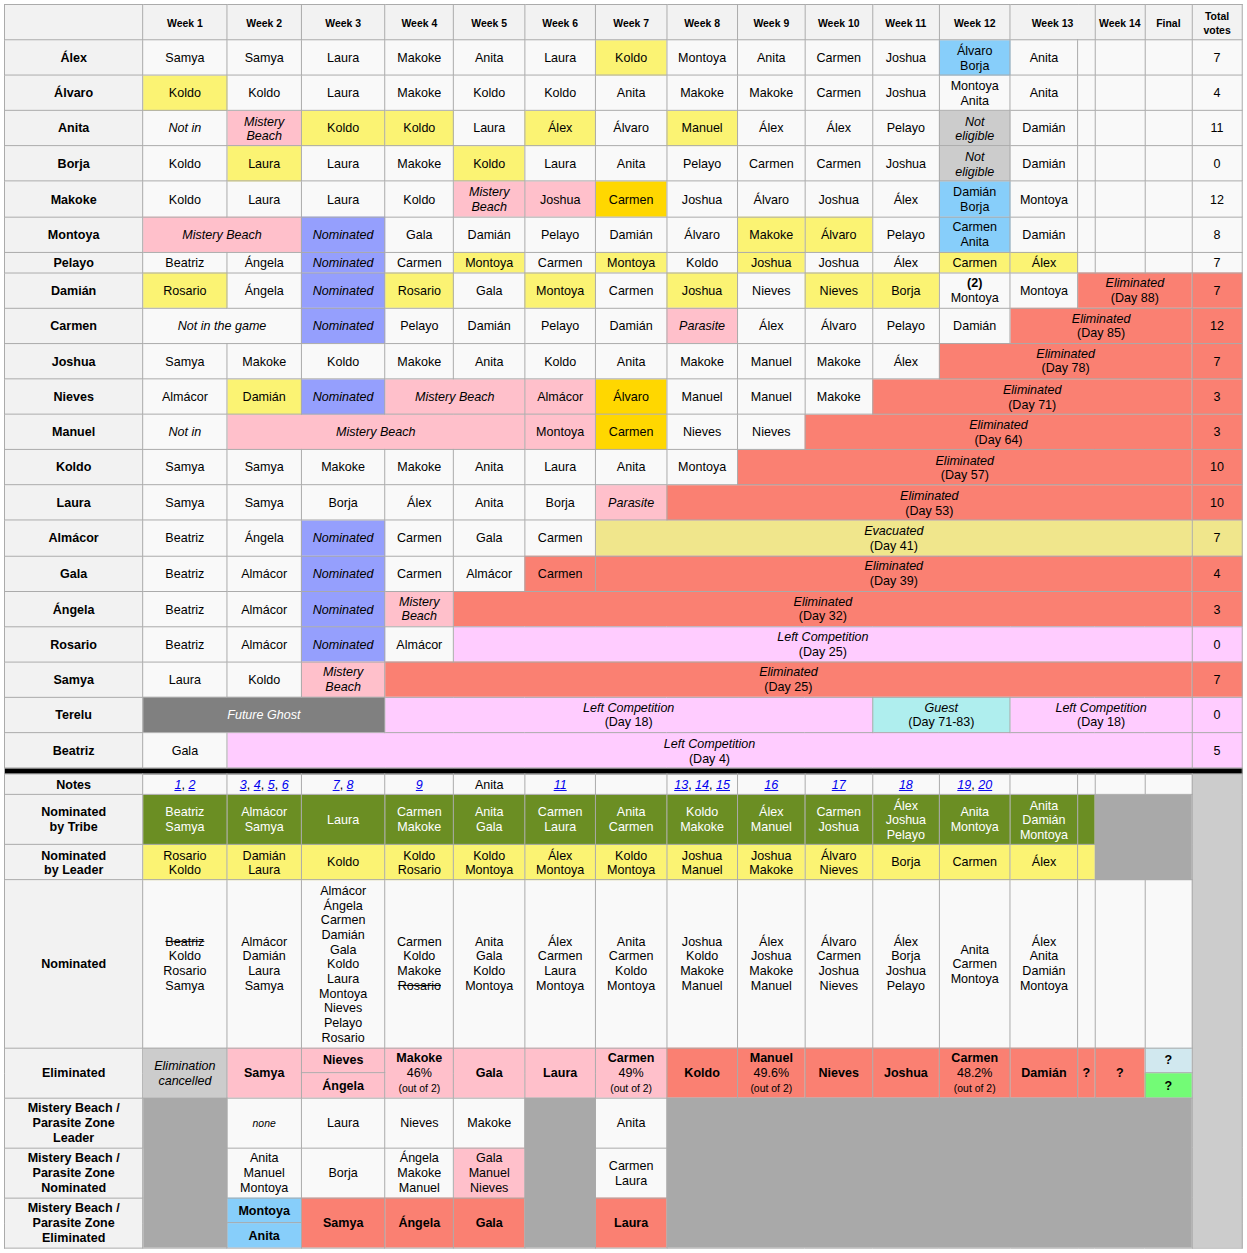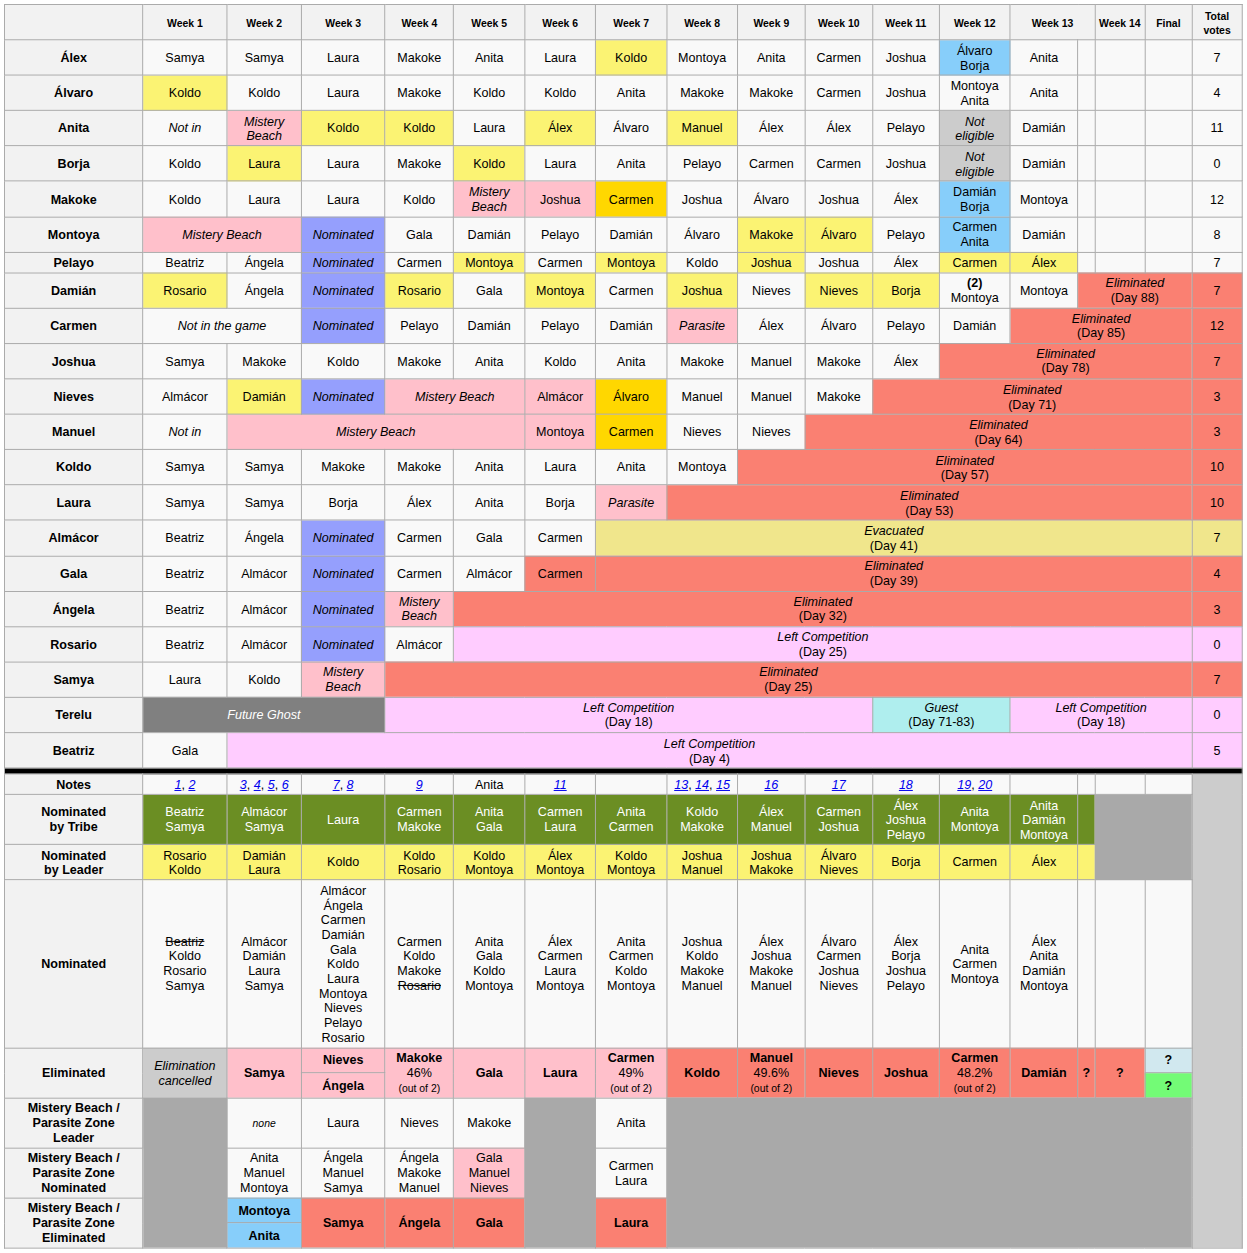 <table class="wikitable" style="font-size:80%; text-align:center; width:100%">
 <tr>
 <th style="width:4%"></th>
 <th style="width:1%"><small>Week 1</small></th>
 <th style="width:1%"><small>Week 2</small></th>
 <th style="width:1%"><small>Week 3</small></th>
 <th style="width:1%"><small>Week 4</small></th>
 <th style="width:1%"><small>Week 5</small></th>
 <th style="width:1%"><small>Week 6</small></th>
 <th style="width:1%"><small>Week 7</small></th>
 <th style="width:1%"><small>Week 8</small></th>
 <th style="width:1%"><small>Week 9</small></th>
 <th style="width:1%"><small>Week 10</small></th>
 <th style="width:1%"><small>Week 11</small></th>
 <th style="width:1%"><small>Week 12</small></th>
 <th colspan=2 style="width:1%"><small>Week 13</small></th>
 <th style="width:1%"><small>Week 14</small></th>
 <th style="width:1%"><small>Final</small></th>
 <th style="width:1%"><small>Total votes</small></th>
 </tr>
 <tr>
 <th>Álex</th>
 <td>Samya</td>
 <td>Samya</td>
 <td>Laura</td>
 <td>Makoke</td>
 <td>Anita</td>
 <td>Laura</td>
 <td style="background:#FBF373">Koldo</td>
 <td>Montoya</td>
 <td>Anita</td>
 <td>Carmen</td>
 <td>Joshua</td>
 <td style="background:#87CEFA;">Álvaro<br>Borja</td>
 <td>Anita</td>
 <td></td>
 <td></td>
 <td></td>
 <td>7</td>
 </tr>
 <tr>
 <th>Álvaro</th>
 <td style="background:#FBF373">Koldo</td>
 <td>Koldo</td>
 <td>Laura</td>
 <td>Makoke</td>
 <td>Koldo</td>
 <td>Koldo</td>
 <td>Anita</td>
 <td>Makoke</td>
 <td>Makoke</td>
 <td>Carmen</td>
 <td>Joshua</td>
 <td>Montoya<br>Anita</td>
 <td>Anita</td>
 <td></td>
 <td></td>
 <td></td>
 <td>4</td>
 </tr>
 <tr>
 <th>Anita</th>
 <td><em>Not in </em></td>
 <td style="background:pink"><em>Mistery Beach</em></td>
 <td style="background:#FBF373">Koldo</td>
 <td style="background:#FBF373">Koldo</td>
 <td>Laura</td>
 <td style="background:#FBF373">Álex</td>
 <td>Álvaro</td>
 <td style="background:#FBF373">Manuel</td>
 <td>Álex</td>
 <td>Álex</td>
 <td>Pelayo</td>
 <td style="background:#CCCCCC; text-align:center"><em>Not<br>eligible</em></td>
 <td>Damián</td>
 <td></td>
 <td></td>
 <td></td>
 <td>11</td>
 </tr>
 <tr>
 <th>Borja</th>
 <td>Koldo</td>
 <td style="background:#FBF373">Laura</td>
 <td>Laura</td>
 <td>Makoke</td>
 <td style="background:#FBF373">Koldo</td>
 <td>Laura</td>
 <td>Anita</td>
 <td>Pelayo</td>
 <td>Carmen</td>
 <td>Carmen</td>
 <td>Joshua</td>
 <td style="background:#CCCCCC; text-align:center"><em>Not<br>eligible</em></td>
 <td>Damián</td>
 <td></td>
 <td></td>
 <td></td>
 <td>0</td>
 </tr>
 <tr>
 <th>Makoke</th>
 <td>Koldo</td>
 <td>Laura</td>
 <td>Laura</td>
 <td>Koldo</td>
 <td style="background:pink"><em>Mistery Beach</em></td>
 <td style="background:pink">Joshua</td>
 <td style="background:#FFD700">Carmen</td>
 <td>Joshua</td>
 <td>Álvaro</td>
 <td>Joshua</td>
 <td>Álex</td>
 <td style="background:#87CEFA;">Damián<br>Borja</td>
 <td>Montoya</td>
 <td></td>
 <td></td>
 <td></td>
 <td>12</td>
 </tr>
 <tr>
 <th>Montoya</th>
 <td colspan=2 style="background:pink"><em>Mistery Beach</em></td>
 <td style="background:#959FFD; text-align:center"><em>Nominated</em></td>
 <td>Gala</td>
 <td>Damián</td>
 <td>Pelayo</td>
 <td>Damián</td>
 <td>Álvaro</td>
 <td style="background:#FBF373">Makoke</td>
 <td style="background:#FBF373">Álvaro</td>
 <td>Pelayo</td>
 <td style="background:#87CEFA;">Carmen<br>Anita</td>
 <td>Damián</td>
 <td></td>
 <td></td>
 <td></td>
 <td>8</td>
 </tr>
 <tr>
 <th>Pelayo</th>
 <td>Beatriz</td>
 <td>Ángela</td>
 <td style="background:#959FFD; text-align:center"><em>Nominated</em></td>
 <td>Carmen</td>
 <td style="background:#FBF373">Montoya</td>
 <td>Carmen</td>
 <td style="background:#FBF373">Montoya</td>
 <td>Koldo</td>
 <td style="background:#FBF373">Joshua</td>
 <td>Joshua</td>
 <td>Álex</td>
 <td style="background:#FBF373">Carmen</td>
 <td style="background:#FBF373">Álex</td>
 <td></td>
 <td></td>
 <td></td>
 <td>7</td>
 </tr>
 <tr>
 <th>Damián</th>
 <td style="background:#FBF373">Rosario</td>
 <td>Ángela</td>
 <td style="background:#959FFD; text-align:center"><em>Nominated</em></td>
 <td style="background:#FBF373">Rosario</td>
 <td>Gala</td>
 <td style="background:#FBF373">Montoya</td>
 <td>Carmen</td>
 <td style="background:#FBF373">Joshua</td>
 <td>Nieves</td>
 <td style="background:#FBF373">Nieves</td>
 <td style="background:#FBF373">Borja</td>
 <td><strong>(2)</strong> Montoya</td>
 <td>Montoya</td>
 <td colspan="3" style="background:salmon"><em>Eliminated</em><br>(Day 88)</td>
 <td style="background:salmon">7</td>
 </tr>
 <tr>
 <th>Carmen</th>
 <td colspan=2><em>Not in the game</em></td>
 <td style="background:#959FFD; text-align:center"><em>Nominated</em></td>
 <td>Pelayo</td>
 <td>Damián</td>
 <td>Pelayo</td>
 <td>Damián</td>
 <td style="background:pink"><em>Parasite</em></td>
 <td>Álex</td>
 <td>Álvaro</td>
 <td>Pelayo</td>
 <td>Damián</td>
 <td colspan="4" style="background:salmon"><em>Eliminated</em><br>(Day 85)</td>
 <td style="background:salmon">12</td>
 </tr>
 <tr>
 <th>Joshua</th>
 <td>Samya</td>
 <td>Makoke</td>
 <td>Koldo</td>
 <td>Makoke</td>
 <td>Anita</td>
 <td>Koldo</td>
 <td>Anita</td>
 <td>Makoke</td>
 <td>Manuel</td>
 <td>Makoke</td>
 <td>Álex</td>
 <td colspan="5" style="background:salmon"><em>Eliminated</em><br>(Day 78)</td>
 <td style="background:salmon">7</td>
 </tr>
 <tr>
 <th>Nieves</th>
 <td>Almácor</td>
 <td style="background:#FBF373">Damián</td>
 <td style="background:#959FFD; text-align:center"><em>Nominated</em></td>
 <td colspan=2 style="background:pink"><em>Mistery Beach</em></td>
 <td style="background:pink">Almácor</td>
 <td style="background:#FFD700">Álvaro</td>
 <td>Manuel</td>
 <td>Manuel</td>
 <td>Makoke</td>
 <td colspan="6" style="background:salmon"><em>Eliminated</em><br>(Day 71)</td>
 <td style="background:salmon">3</td>
 </tr>
 <tr>
 <th>Manuel</th>
 <td><em>Not in </em></td>
 <td colspan=4 style="background:pink"><em>Mistery Beach</em></td>
 <td style="background:pink">Montoya</td>
 <td style="background:#FFD700">Carmen</td>
 <td>Nieves</td>
 <td>Nieves</td>
 <td colspan="7" style="background:salmon"><em>Eliminated</em><br>(Day 64)</td>
 <td style="background:salmon">3</td>
 </tr>
 <tr>
 <th>Koldo</th>
 <td>Samya</td>
 <td>Samya</td>
 <td>Makoke</td>
 <td>Makoke</td>
 <td>Anita</td>
 <td>Laura</td>
 <td>Anita</td>
 <td>Montoya</td>
 <td colspan="8" style="background:salmon"><em>Eliminated</em><br>(Day 57)</td>
 <td style="background:salmon">10</td>
 </tr>
 <tr>
 <th>Laura</th>
 <td>Samya</td>
 <td>Samya</td>
 <td>Borja</td>
 <td>Álex</td>
 <td>Anita</td>
 <td>Borja</td>
 <td style="background:pink"><em>Parasite</em></td>
 <td colspan="9" style="background:salmon"><em>Eliminated</em><br>(Day 53)</td>
 <td style="background:salmon">10</td>
 </tr>
 <tr>
 <th>Almácor</th>
 <td>Beatriz</td>
 <td>Ángela</td>
 <td style="background:#959FFD; text-align:center"><em>Nominated</em></td>
 <td>Carmen</td>
 <td>Gala</td>
 <td>Carmen</td>
 <td colspan="10" style="background:khaki"><em>Evacuated</em><br>(Day 41)</td>
 <td style="background:khaki">7</td>
 </tr>
 <tr>
 <th>Gala</th>
 <td>Beatriz</td>
 <td>Almácor</td>
 <td style="background:#959FFD; text-align:center"><em>Nominated</em></td>
 <td>Carmen</td>
 <td>Almácor</td>
 <td style="background:salmon">Carmen</td>
 <td colspan="10" style="background:salmon"><em>Eliminated</em><br>(Day 39)</td>
 <td style="background:salmon">4</td>
 </tr>
 <tr>
 <th>Ángela</th>
 <td>Beatriz</td>
 <td>Almácor</td>
 <td style="background:#959FFD; text-align:center"><em>Nominated</em></td>
 <td style="background:pink"><em>Mistery Beach</em></td>
 <td colspan="12" style="background:salmon"><em>Eliminated</em><br>(Day 32)</td>
 <td style="background:salmon">3</td>
 </tr>
 <tr>
 <th>Rosario</th>
 <td>Beatriz</td>
 <td>Almácor</td>
 <td style="background:#959FFD; text-align:center"><em>Nominated</em></td>
 <td>Almácor</td>
 <td colspan="12" style="background:#ffccff"><em>Left Competition</em><br>(Day 25)</td>
 <td style="background:#ffccff">0</td>
 </tr>
 <tr>
 <th>Samya</th>
 <td>Laura</td>
 <td>Koldo</td>
 <td style="background:pink"><em>Mistery Beach</em></td>
 <td colspan="13" style="background:salmon"><em>Eliminated</em><br>(Day 25)</td>
 <td style="background:salmon">7</td>
 </tr>
 <tr>
 <th>Terelu</th>
 <td colspan=3 style="background:grey;color:white"><em>Future Ghost</em></td>
 <td colspan="7" style="background:#ffccff"><em>Left Competition</em><br>(Day 18)</td>
 <td colspan=2 style="background:#AFEEEE; text-align:center"><em>Guest</em><br>(Day 71-83)</td>
 <td colspan="4" style="background:#ffccff"><em>Left Competition</em><br>(Day 18)</td>
 <td style="background:#ffccff">0</td>
 </tr>
 <tr>
 <th>Beatriz</th>
 <td>Gala</td>
 <td colspan="15" style="background:#ffccff"><em>Left Competition</em><br>(Day 4)</td>
 <td style="background:#ffccff">5</td>
 </tr>
 <tr>
 <th colspan="18" style="background:black"></th>
 </tr>
 <tr>
 <th>Notes</th>
 <td><em><a href='#'>1</a></em>, <em><a href='#'>2</a></em></td>
 <td><em><a href='#'>3</a></em>, <em><a href='#'>4</a></em>, <em><a href='#'>5</a></em>, <em><a href='#'>6</a></em></td>
 <td><em><a href='#'>7</a></em>, <em><a href='#'>8</a></em></td>
 <td><em><a href='#'>9</a></em></td>
 <td>Anita</td>
 <td><em><a href='#'>11</a></em></td>
 <td></td>
 <td><em><a href='#'>13</a></em>, <em><a href='#'>14</a></em>, <em><a href='#'>15</a></em></td>
 <td><em><a href='#'>16</a></em></td>
 <td><em><a href='#'>17</a></em></td>
 <td><em><a href='#'>18</a></em></td>
 <td><em><a href='#'>19</a></em>, <em><a href='#'>20</a></em></td>
 <td></td>
 <td></td>
 <td></td>
 <td></td>
 <td rowspan="10" style="background:rgb(204, 204, 204)"></td>
 </tr>
 <tr>
 <th>Nominated<br>by Tribe</th>
 <td style="background:#6B8E23; color:white">Beatriz <br> Samya</td>
 <td style="background:#6B8E23; color:white">Almácor <br> Samya</td>
 <td style="background:#6B8E23; color:white">Laura</td>
 <td style="background:#6B8E23; color:white">Carmen <br> Makoke</td>
 <td style="background:#6B8E23; color:white">Anita <br> Gala</td>
 <td style="background:#6B8E23; color:white">Carmen <br> Laura</td>
 <td style="background:#6B8E23; color:white">Anita <br> Carmen</td>
 <td style="background:#6B8E23; color:white">Koldo  <br> Makoke</td>
 <td style="background:#6B8E23; color:white">Álex <br> Manuel</td>
 <td style="background:#6B8E23; color:white">Carmen <br> Joshua</td>
 <td style="background:#6B8E23; color:white">Álex <br> Joshua <br> Pelayo</td>
 <td style="background:#6B8E23; color:white">Anita<br>Montoya</td>
 <td style="background:#6B8E23; color:white">Anita<br>Damián<br>Montoya</td>
 <td style="background:#6B8E23; color:white"><br></td>
 <td rowspan=2 colspan=2 style="background:darkgray"></td>
 </tr>
 <tr>
 <th>Nominated<br>by Leader</th>
 <td style="background:#FBF373">Rosario<br>Koldo</td>
 <td style="background:#FBF373">Damián <br> Laura</td>
 <td style="background:#FBF373">Koldo</td>
 <td style="background:#FBF373">Koldo <br> Rosario</td>
 <td style="background:#FBF373">Koldo <br> Montoya</td>
 <td style="background:#FBF373">Álex <br> Montoya</td>
 <td style="background:#FBF373">Koldo <br> Montoya</td>
 <td style="background:#FBF373">Joshua <br> Manuel</td>
 <td style="background:#FBF373">Joshua <br> Makoke</td>
 <td style="background:#FBF373">Álvaro <br> Nieves</td>
 <td style="background:#FBF373">Borja</td>
 <td style="background:#FBF373">Carmen</td>
 <td style="background:#FBF373">Álex</td>
 <td style="background:#FBF373"></td>
 </tr>
 <tr>
 <th>Nominated</th>
 <td><s>Beatriz</s> <br> Koldo <br> Rosario <br> Samya</td>
 <td>Almácor <br> Damián <br> Laura <br> Samya</td>
 <td>Almácor <br> Ángela <br> Carmen <br> Damián <br> Gala <br> Koldo<br> Laura <br> Montoya <br> Nieves <br> Pelayo <br> Rosario</td>
 <td>Carmen <br> Koldo <br> Makoke <br> <s> Rosario </s></td>
 <td>Anita <br> Gala <br> Koldo <br> Montoya</td>
 <td>Álex <br> Carmen <br> Laura <br> Montoya</td>
 <td>Anita <br> Carmen <br> Koldo <br> Montoya</td>
 <td>Joshua <br> Koldo <br> Makoke <br> Manuel</td>
 <td>Álex <br> Joshua <br> Makoke <br> Manuel</td>
 <td>Álvaro <br> Carmen <br> Joshua <br> Nieves</td>
 <td>Álex <br> Borja <br> Joshua <br> Pelayo</td>
 <td>Anita <br> Carmen <br> Montoya</td>
 <td>Álex<br>Anita<br>Damián<br>Montoya</td>
 <td></td>
 <td></td>
 <td></td>
 </tr>
 <tr>
 <th rowspan="2">Eliminated</th>
 <td rowspan="2" style="background:#CCC"><em>Elimination<br>cancelled</em></td>
 <td rowspan="2" style="background:pink"><strong>Samya</strong><br><small></small></td>
 <td style="background:pink"><strong>Nieves</strong><br><small></small></td>
 <td rowspan="2" style="background:pink"><strong>Makoke</strong><br>46%<br><small>(out of 2)</small></td>
 <td rowspan="2" style="background:pink"><strong>Gala</strong><br><small></small></td>
 <td rowspan="2" style="background:pink"><strong>Laura</strong><br><small></small></td>
 <td rowspan="2" style="background:pink"><strong>Carmen</strong><br>49%<br><small>(out of 2)</small></td>
 <td rowspan="2" style="background:salmon"><strong>Koldo</strong><br><small></small></td>
 <td rowspan="2" style="background:salmon"><strong>Manuel</strong><br>49.6%<br><small>(out of 2)</small></td>
 <td rowspan="2" style="background:salmon"><strong>Nieves</strong><br><small></small></td>
 <td rowspan="2" style="background:salmon"><strong>Joshua</strong><br><small></small></td>
 <td rowspan="2" style="background:salmon"><strong>Carmen</strong><br>48.2%<br><small>(out of 2)</small></td>
 <td rowspan="2" style="background:salmon"><strong>Damián</strong><br><small></small></td>
 <td rowspan="2" style="background:salmon"><strong>?</strong><br><small></small></td>
 <td rowspan="2" style="background:salmon"><strong>?</strong><br><small></small></td>
 <td style="background:#D1E8EF"><strong>?</strong><br><small></small></td>
 </tr>
 <tr>
 <td style="background:pink"><strong>Ángela</strong><br><small></small></td>
 <td style="background:#73FB76"><strong>?</strong><br><small></small></td>
 </tr>
 <tr>
 <th>Mistery Beach / Parasite Zone <br>Leader</th>
 <td rowspan=4 style="background:darkgray"></td>
 <td><small> <em>none</em> </small></td>
 <td>Laura</td>
 <td>Nieves</td>
 <td>Makoke</td>
 <td rowspan=4 style="background:darkgray"></td>
 <td>Anita</td>
 <td rowspan=4 colspan=9 style="background:darkgray"></td>
 </tr>
 <tr>
 <th>Mistery Beach / Parasite Zone <br>Nominated</th>
 <td>Anita <br> Manuel <br> Montoya</td>
-<td>Borja</td>
+<td>Ángela <br> Manuel <br> Samya</td>
 <td>Ángela <br> Makoke <br> Manuel</td>
 <td style="background: pink;">Gala <br> Manuel <br> Nieves</td>
 <td>Carmen <br> Laura</td>
 </tr>
 <tr>
 <th rowspan="2">Mistery Beach / Parasite Zone <br>Eliminated</th>
 <td style="background:#87CEFA"><strong>Montoya</strong><br><small></small></td>
 <td rowspan="2" style="background:salmon"><strong>Samya</strong><br><small></small></td>
 <td rowspan="2" style="background:salmon"><strong>Ángela</strong><br><small></small></td>
 <td rowspan="2" style="background:salmon"><strong>Gala</strong><br><small></small></td>
 <td rowspan="2" style="background:salmon"><strong>Laura</strong><br><small></small></td>
 </tr>
 <tr>
 <td style="background:#87CEFA"><strong>Anita</strong><br><small></small></td>
 </tr>
 </table>
